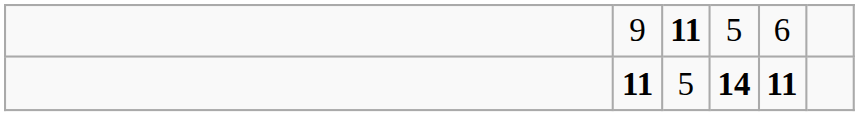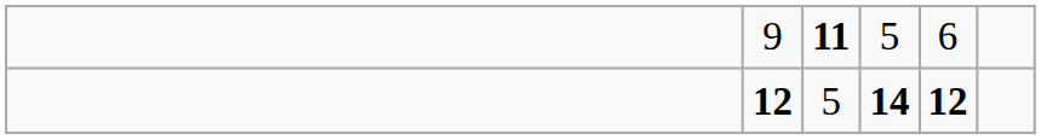 <table class="wikitable">
 <tr>
 <td style="width:18em"></td>
 <td align=center style="width:1em">9</td>
 <td align=center style="width:1em"><strong>11</strong></td>
 <td align=center style="width:1em">5</td>
 <td align=center style="width:1em">6</td>
 <td align=center style="width:1em"></td>
 </tr>
 <tr>
 <td style="width:18em"></td>
-<td align=center style="width:1em"><strong>11</strong></td>
+<td align=center style="width:1em"><strong>12</strong></td>
 <td align=center style="width:1em">5</td>
 <td align=center style="width:1em"><strong>14</strong></td>
-<td align=center style="width:1em"><strong>11</strong></td>
+<td align=center style="width:1em"><strong>12</strong></td>
 <td align=center style="width:1em"></td>
 </tr>
 </table>
